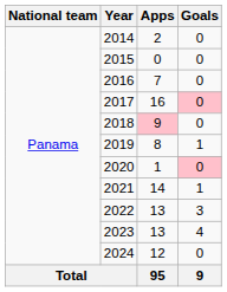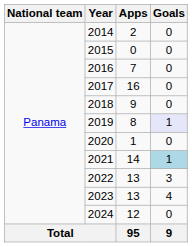 <table class="wikitable" style="text-align:center">
 <tr>
 <th>National team</th>
 <th>Year</th>
 <th>Apps</th>
 <th>Goals</th>
 </tr>
 <tr>
 <td rowspan=11><a href='#'>Panama</a></td>
 <td>2014</td>
 <td>2</td>
 <td>0</td>
 </tr>
 <tr>
 <td>2015</td>
 <td>0</td>
 <td>0</td>
 </tr>
 <tr>
 <td>2016</td>
 <td>7</td>
 <td>0</td>
 </tr>
 <tr>
 <td>2017</td>
 <td>16</td>
-<td style="background: pink;">0</td>
+<td>0</td>
 </tr>
 <tr>
 <td>2018</td>
-<td style="background: pink;">9</td>
+<td>9</td>
 <td>0</td>
 </tr>
 <tr>
 <td>2019</td>
 <td>8</td>
-<td>1</td>
+<td style="background: lavender;">1</td>
 </tr>
 <tr>
 <td>2020</td>
 <td>1</td>
-<td style="background: pink;">0</td>
+<td>0</td>
 </tr>
 <tr>
 <td>2021</td>
 <td>14</td>
-<td>1</td>
+<td style="background: lightblue;">1</td>
 </tr>
 <tr>
 <td>2022</td>
 <td>13</td>
 <td>3</td>
 </tr>
 <tr>
 <td>2023</td>
 <td>13</td>
 <td>4</td>
 </tr>
 <tr>
 <td>2024</td>
 <td>12</td>
 <td>0</td>
 </tr>
 <tr>
 <th colspan=2>Total</th>
 <th>95</th>
 <th>9</th>
 </tr>
 </table>
